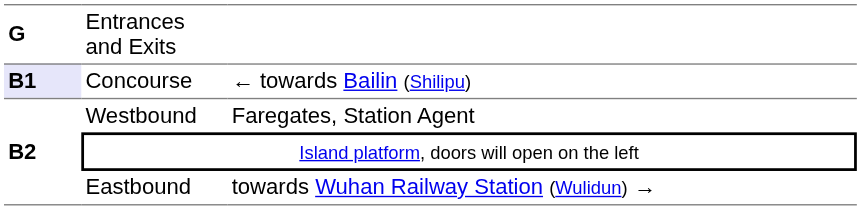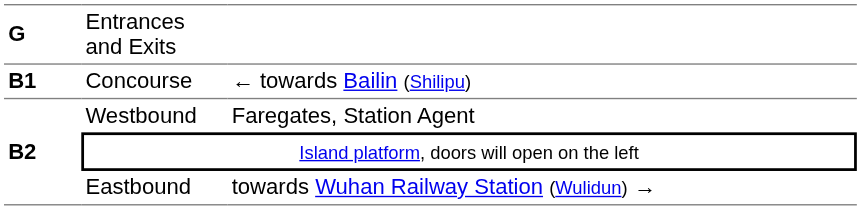 <table table border=0 cellspacing=0 cellpadding=3>
 <tr>
 <td style="border-top:solid 1px gray;border-bottom:solid 0px gray;" width=50><strong>G</strong></td>
 <td style="border-top:solid 1px gray;border-bottom:solid 0px gray;" width=100>Entrances and Exits</td>
 <td style="border-top:solid 1px gray;border-bottom:solid 0px gray;" width=450></td>
 </tr>
 <tr>
-<td style="background: lavender; border-top:solid 1px gray;border-bottom:solid 0px gray;" width=50><strong>B1</strong></td>
+<td style="border-top:solid 1px gray;border-bottom:solid 0px gray;" width=50><strong>B1</strong></td>
 <td style="border-top:solid 1px gray;border-bottom:solid 0px gray;" width=100>Concourse</td>
 <td style="border-top:solid 1px gray;border-bottom:solid 0px gray;">←  towards <a href='#'>Bailin</a> <small>(<a href='#'>Shilipu</a>)</small></td>
 </tr>
 <tr>
 <td style="border-top:solid 1px gray;border-bottom:solid 1px gray;" rowspan=3><strong>B2</strong></td>
 <td style="border-top:solid 1px gray;border-bottom:solid 0px gray;">Westbound</td>
 <td style="border-top:solid 1px gray;border-bottom:solid 0px gray;" width=450>Faregates, Station Agent</td>
 </tr>
 <tr>
 <td style="border-right:solid 2px black;border-left:solid 2px black;border-top:solid 2px black;border-bottom:solid 2px black;text-align:center;" colspan=2><small><a href='#'>Island platform</a>, doors will open on the left</small></td>
 </tr>
 <tr>
 <td style="border-bottom:solid 1px gray;">Eastbound</td>
 <td style="border-bottom:solid 1px gray;"> towards <a href='#'>Wuhan Railway Station</a> <small>(<a href='#'>Wulidun</a>)</small> →</td>
 </tr>
 </table>
